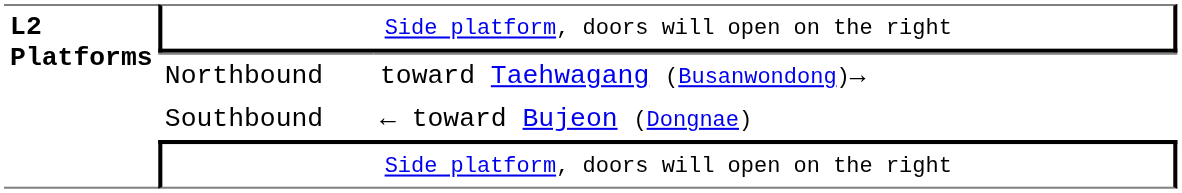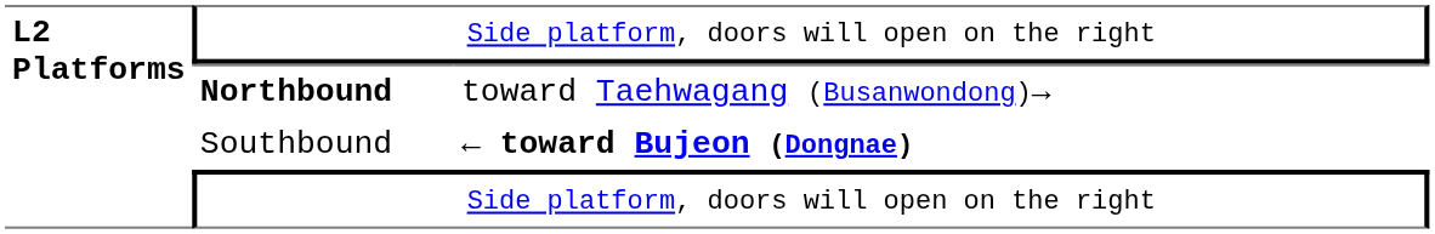 <table table border=0 cellspacing=0 cellpadding=3>
 <tr>
 <td style="border-top:solid 1px gray;border-bottom:solid 1px gray;" width=50 rowspan=10 valign=top><strong>L2<br>Platforms</strong></td>
 <td style="border-top:solid 1px gray;border-right:solid 2px black;border-left:solid 2px black;border-bottom:solid 2px black;text-align:center;" colspan=2><small><a href='#'>Side platform</a>, doors will open on the right</small></td>
 </tr>
 <tr>
-<td style="border-bottom:solid 0px gray;border-top:solid 1px gray;" width=100>Northbound</td>
+<td style="border-bottom:solid 0px gray;border-top:solid 1px gray;" width=100><strong>Northbound</strong></td>
 <td style="border-bottom:solid 0px gray;border-top:solid 1px gray;" width=390>  toward <a href='#'>Taehwagang</a> <small>(<a href='#'>Busanwondong</a>)</small>→</td>
 </tr>
 <tr>
 <td>Southbound</td>
-<td>←  toward <a href='#'>Bujeon</a> <small>(<a href='#'>Dongnae</a>)</small></td>
+<td><strong>←  toward <a href='#'>Bujeon</a> <small>(<a href='#'>Dongnae</a>)</small></strong></td>
 </tr>
 <tr>
 <td style="border-top:solid 2px black;border-right:solid 2px black;border-left:solid 2px black;border-bottom:solid 1px gray;text-align:center;" colspan=2><small><a href='#'>Side platform</a>, doors will open on the right</small></td>
 </tr>
 </table>
